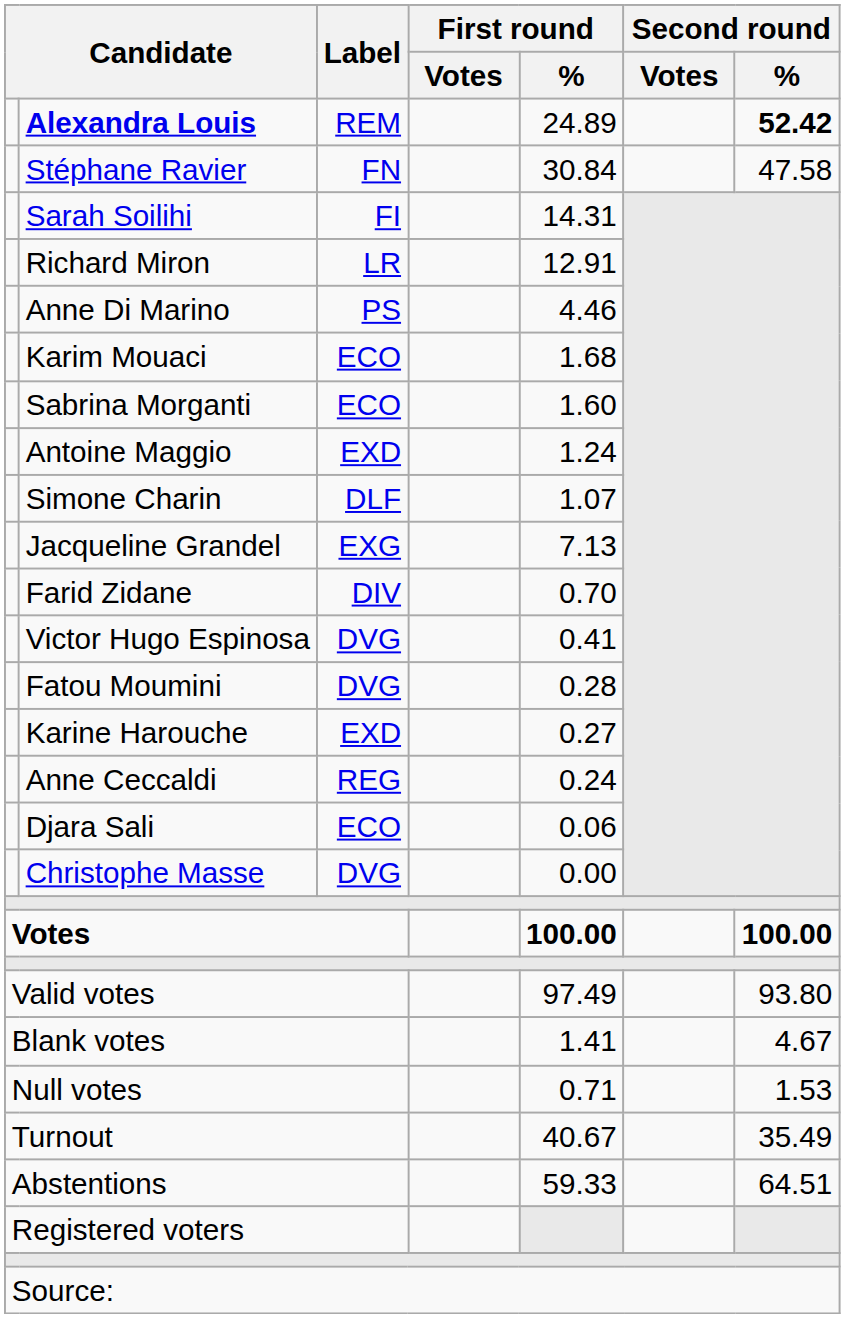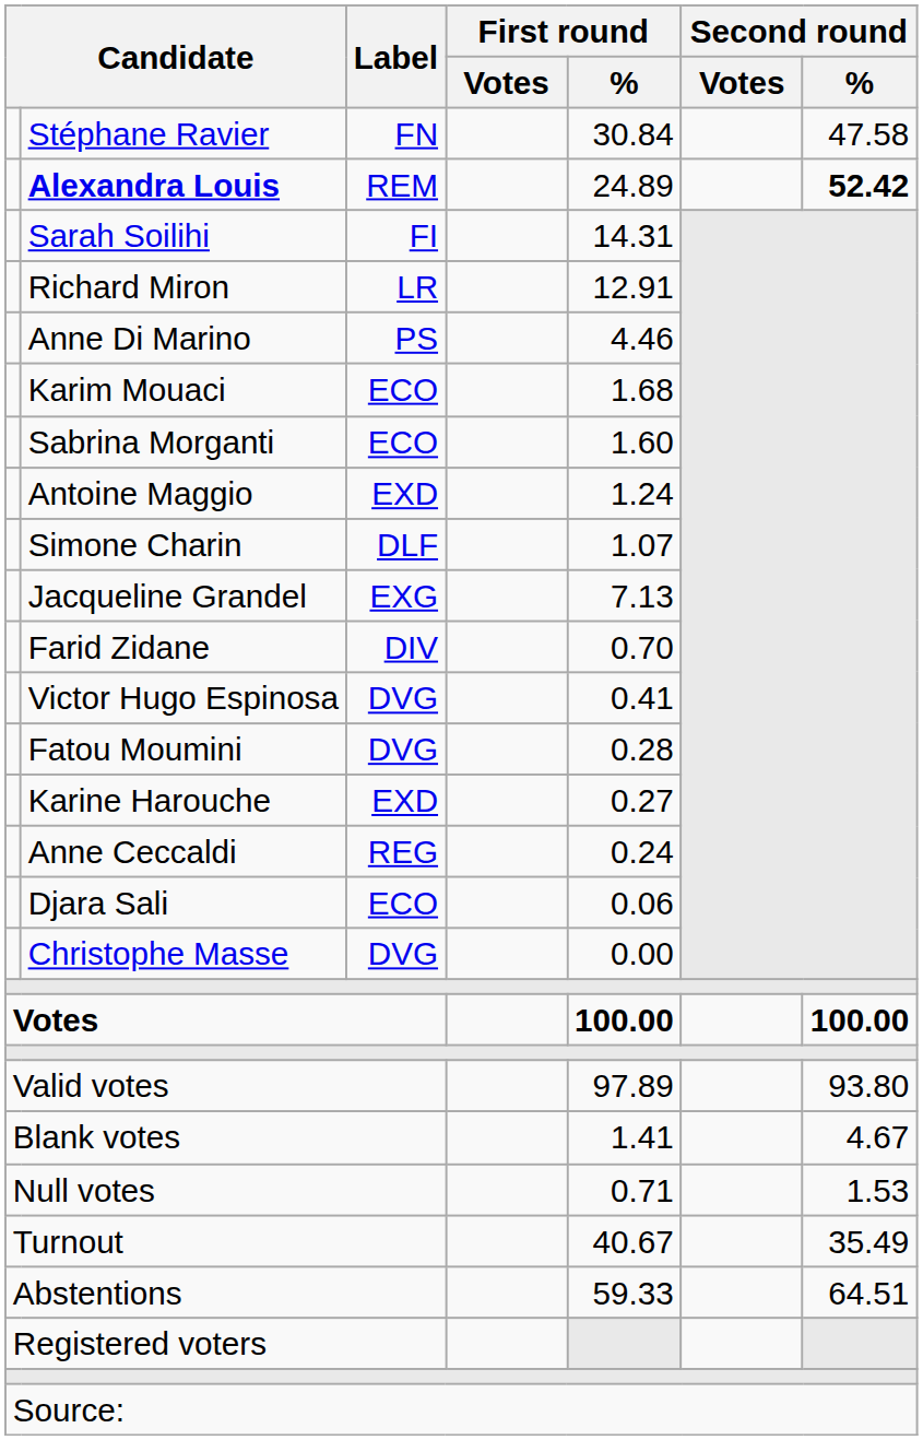 <table class="wikitable" style="text-align:right;font-size:95%;">
 <tr>
 <th rowspan="2" colspan="2">Candidate</th>
 <th rowspan="2">Label</th>
 <th colspan="2">First round</th>
 <th colspan="2">Second round</th>
 </tr>
 <tr>
 <th style="width:50px;">Votes</th>
 <th style="width:45px;">%</th>
 <th style="width:50px;">Votes</th>
 <th style="width:45px;">%</th>
 </tr>
 <tr>
 <td style="color:inherit;background:"></td>
+<td style="text-align:left;"><a href='#'>Stéphane Ravier</a></td>
+<td><a href='#'>FN</a></td>
+<td></td>
+<td>30.84</td>
+<td></td>
+<td>47.58</td>
+</tr>
+<tr>
+<td style="color:inherit;background:"></td>
 <td style="text-align:left;"><strong><a href='#'>Alexandra Louis</a></strong></td>
 <td><a href='#'>REM</a></td>
 <td></td>
 <td>24.89</td>
 <td><strong></strong></td>
 <td><strong>52.42</strong></td>
-</tr>
-<tr>
-<td style="color:inherit;background:"></td>
-<td style="text-align:left;"><a href='#'>Stéphane Ravier</a></td>
-<td><a href='#'>FN</a></td>
-<td></td>
-<td>30.84</td>
-<td></td>
-<td>47.58</td>
 </tr>
 <tr>
 <td style="color:inherit;background:"></td>
 <td style="text-align:left;"><a href='#'>Sarah Soilihi</a></td>
 <td><a href='#'>FI</a></td>
 <td></td>
 <td>14.31</td>
 <td colspan="2" rowspan="15" style="background:#E9E9E9;"></td>
 </tr>
 <tr>
 <td style="color:inherit;background:"></td>
 <td style="text-align:left;">Richard Miron</td>
 <td><a href='#'>LR</a></td>
 <td></td>
 <td>12.91</td>
 </tr>
 <tr>
 <td style="color:inherit;background:"></td>
 <td style="text-align:left;">Anne Di Marino</td>
 <td><a href='#'>PS</a></td>
 <td></td>
 <td>4.46</td>
 </tr>
 <tr>
 <td style="color:inherit;background:"></td>
 <td style="text-align:left;">Karim Mouaci</td>
 <td><a href='#'>ECO</a></td>
 <td></td>
 <td>1.68</td>
 </tr>
 <tr>
 <td style="color:inherit;background:"></td>
 <td style="text-align:left;">Sabrina Morganti</td>
 <td><a href='#'>ECO</a></td>
 <td></td>
 <td>1.60</td>
 </tr>
 <tr>
 <td style="color:inherit;background:"></td>
 <td style="text-align:left;">Antoine Maggio</td>
 <td><a href='#'>EXD</a></td>
 <td></td>
 <td>1.24</td>
 </tr>
 <tr>
 <td style="color:inherit;background:"></td>
 <td style="text-align:left;">Simone Charin</td>
 <td><a href='#'>DLF</a></td>
 <td></td>
 <td>1.07</td>
 </tr>
 <tr>
 <td style="color:inherit;background:"></td>
 <td style="text-align:left;">Jacqueline Grandel</td>
 <td><a href='#'>EXG</a></td>
 <td></td>
 <td>7.13</td>
 </tr>
 <tr>
 <td style="color:inherit;background:"></td>
 <td style="text-align:left;">Farid Zidane</td>
 <td><a href='#'>DIV</a></td>
 <td></td>
 <td>0.70</td>
 </tr>
 <tr>
 <td style="color:inherit;background:"></td>
 <td style="text-align:left;">Victor Hugo Espinosa</td>
 <td><a href='#'>DVG</a></td>
 <td></td>
 <td>0.41</td>
 </tr>
 <tr>
 <td style="color:inherit;background:"></td>
 <td style="text-align:left;">Fatou Moumini</td>
 <td><a href='#'>DVG</a></td>
 <td></td>
 <td>0.28</td>
 </tr>
 <tr>
 <td style="color:inherit;background:"></td>
 <td style="text-align:left;">Karine Harouche</td>
 <td><a href='#'>EXD</a></td>
 <td></td>
 <td>0.27</td>
 </tr>
 <tr>
 <td style="color:inherit;background:"></td>
 <td style="text-align:left;">Anne Ceccaldi</td>
 <td><a href='#'>REG</a></td>
 <td></td>
 <td>0.24</td>
 </tr>
 <tr>
 <td style="color:inherit;background:"></td>
 <td style="text-align:left;">Djara Sali</td>
 <td><a href='#'>ECO</a></td>
 <td></td>
 <td>0.06</td>
 </tr>
 <tr>
 <td style="color:inherit;background:"></td>
 <td style="text-align:left;"><a href='#'>Christophe Masse</a></td>
 <td><a href='#'>DVG</a></td>
 <td></td>
 <td>0.00</td>
 </tr>
 <tr>
 <td colspan="7" style="background:#E9E9E9;"></td>
 </tr>
 <tr style="font-weight:bold;">
 <td colspan="3" style="text-align:left;">Votes</td>
 <td></td>
 <td>100.00</td>
 <td></td>
 <td>100.00</td>
 </tr>
 <tr>
 <td colspan="7" style="background:#E9E9E9;"></td>
 </tr>
 <tr>
 <td colspan="3" style="text-align:left;">Valid votes</td>
 <td></td>
-<td>97.49</td>
+<td>97.89</td>
 <td></td>
 <td>93.80</td>
 </tr>
 <tr>
 <td colspan="3" style="text-align:left;">Blank votes</td>
 <td></td>
 <td>1.41</td>
 <td></td>
 <td>4.67</td>
 </tr>
 <tr>
 <td colspan="3" style="text-align:left;">Null votes</td>
 <td></td>
 <td>0.71</td>
 <td></td>
 <td>1.53</td>
 </tr>
 <tr>
 <td colspan="3" style="text-align:left;">Turnout</td>
 <td></td>
 <td>40.67</td>
 <td></td>
 <td>35.49</td>
 </tr>
 <tr>
 <td colspan="3" style="text-align:left;">Abstentions</td>
 <td></td>
 <td>59.33</td>
 <td></td>
 <td>64.51</td>
 </tr>
 <tr>
 <td colspan="3" style="text-align:left;">Registered voters</td>
 <td></td>
 <td style="background:#E9E9E9;"></td>
 <td></td>
 <td style="background:#E9E9E9;"></td>
 </tr>
 <tr>
 <td colspan="7" style="background:#E9E9E9;"></td>
 </tr>
 <tr>
 <td colspan="7" style="text-align:left;">Source: </td>
 </tr>
 </table>
